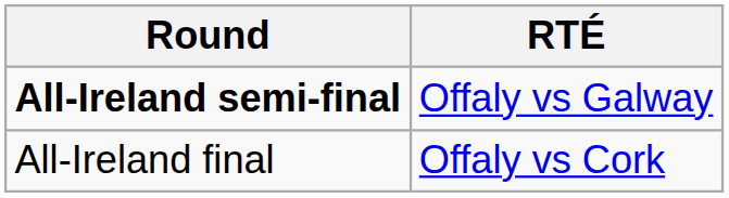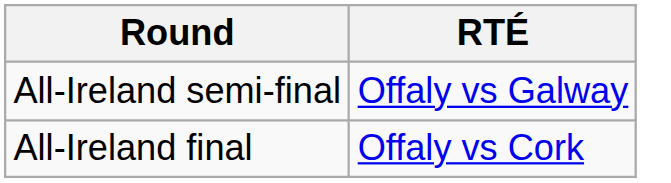 <table class="wikitable">
 <tr>
 <th>Round</th>
 <th>RTÉ</th>
 </tr>
 <tr>
-<td><strong>All-Ireland semi-final</strong></td>
+<td>All-Ireland semi-final</td>
 <td><a href='#'>Offaly vs Galway</a></td>
 </tr>
 <tr>
 <td>All-Ireland final</td>
 <td><a href='#'>Offaly vs Cork</a></td>
 </tr>
 </table>
